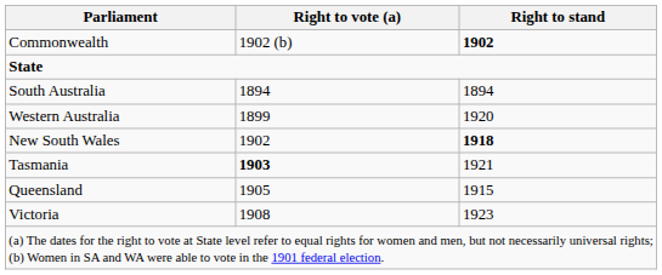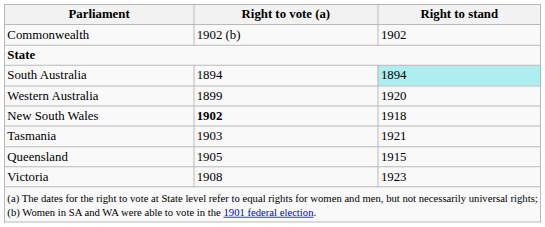 <table class="wikitable">
 <tr>
 <th>Parliament</th>
 <th>Right to vote (a)</th>
 <th>Right to stand</th>
 </tr>
 <tr>
 <td>Commonwealth</td>
 <td>1902 (b)</td>
-<td><strong>1902</strong></td>
+<td>1902</td>
 </tr>
 <tr>
 <td colspan="5"><strong>State</strong></td>
 </tr>
 <tr>
 <td>South Australia</td>
 <td>1894</td>
-<td>1894</td>
+<td style="background: paleturquoise;">1894</td>
 </tr>
 <tr>
 <td>Western Australia</td>
 <td>1899</td>
 <td>1920</td>
 </tr>
 <tr>
 <td>New South Wales</td>
-<td>1902</td>
-<td><strong>1918</strong></td>
+<td><strong>1902</strong></td>
+<td>1918</td>
 </tr>
 <tr>
 <td>Tasmania</td>
-<td><strong>1903</strong></td>
+<td>1903</td>
 <td>1921</td>
 </tr>
 <tr>
 <td>Queensland</td>
 <td>1905</td>
 <td>1915</td>
 </tr>
 <tr>
 <td>Victoria</td>
 <td>1908</td>
 <td>1923</td>
 </tr>
 <tr>
 <td colspan="5"><small>(a) The dates for the right to vote at State level refer to equal rights for women and men, but not necessarily universal rights; <br>(b) Women in SA and WA were able to vote in the <a href='#'>1901 federal election</a>.</small></td>
 </tr>
 </table>
